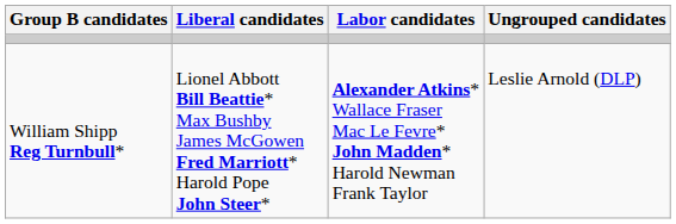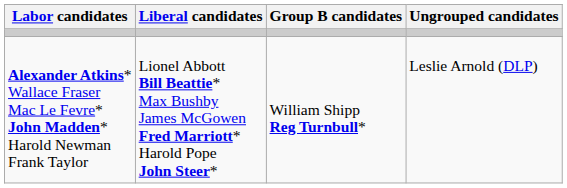 <table class="wikitable">
 <tr>
+<th><a href='#'>Labor</a> candidates</th>
+<th><a href='#'>Liberal</a> candidates</th>
 <th>Group B candidates</th>
-<th><a href='#'>Liberal</a> candidates</th>
-<th><a href='#'>Labor</a> candidates</th>
 <th>Ungrouped candidates</th>
 </tr>
 <tr bgcolor="#cccccc">
 <td></td>
 <td></td>
 <td></td>
 <td></td>
 </tr>
 <tr>
+<td><br><strong><a href='#'>Alexander Atkins</a></strong>*<br> <a href='#'>Wallace Fraser</a><br> <a href='#'>Mac Le Fevre</a>*<br> <strong><a href='#'>John Madden</a></strong>*<br> Harold Newman<br> Frank Taylor</td>
+<td><br>Lionel Abbott<br> <strong><a href='#'>Bill Beattie</a></strong>*<br> <a href='#'>Max Bushby</a><br> <a href='#'>James McGowen</a><br> <strong><a href='#'>Fred Marriott</a></strong>*<br> Harold Pope<br> <strong><a href='#'>John Steer</a></strong>*</td>
 <td><br>William Shipp<br> <strong><a href='#'>Reg Turnbull</a></strong>*</td>
-<td><br>Lionel Abbott<br> <strong><a href='#'>Bill Beattie</a></strong>*<br> <a href='#'>Max Bushby</a><br> <a href='#'>James McGowen</a><br> <strong><a href='#'>Fred Marriott</a></strong>*<br> Harold Pope<br> <strong><a href='#'>John Steer</a></strong>*</td>
-<td><br><strong><a href='#'>Alexander Atkins</a></strong>*<br> <a href='#'>Wallace Fraser</a><br> <a href='#'>Mac Le Fevre</a>*<br> <strong><a href='#'>John Madden</a></strong>*<br> Harold Newman<br> Frank Taylor</td>
 <td valign=top><br>Leslie Arnold (<a href='#'>DLP</a>)</td>
 </tr>
 </table>
